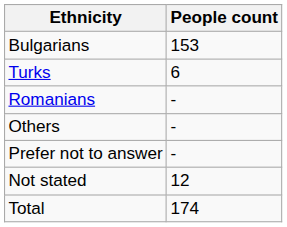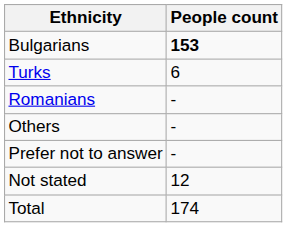 <table class="wikitable">
 <tr>
 <th>Ethnicity</th>
 <th>People count</th>
 </tr>
 <tr>
 <td>Bulgarians</td>
-<td>153</td>
+<td><strong>153</strong></td>
 </tr>
 <tr>
 <td><a href='#'>Turks</a></td>
 <td>6</td>
 </tr>
 <tr>
 <td><a href='#'>Romanians</a></td>
 <td>-</td>
 </tr>
 <tr>
 <td>Others</td>
 <td>-</td>
 </tr>
 <tr>
 <td>Prefer not to answer</td>
 <td>-</td>
 </tr>
 <tr>
 <td>Not stated</td>
 <td>12</td>
 </tr>
 <tr>
 <td>Total</td>
 <td>174</td>
 </tr>
 </table>
